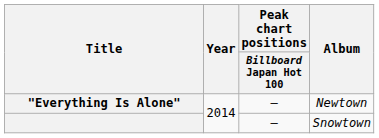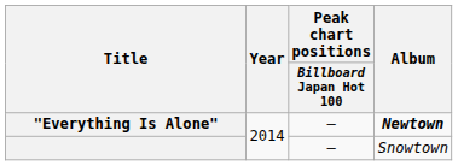 <table class="wikitable plainrowheaders" style="text-align:center;">
 <tr>
 <th scope="col" rowspan="2" style="width:16em;">Title</th>
 <th scope="col" rowspan="2">Year</th>
 <th scope="col" colspan="1">Peak chart positions</th>
 <th scope="col" rowspan="2">Album</th>
 </tr>
 <tr>
 <th style="width:3em;font-size:85%"><em>Billboard</em> Japan Hot 100<br></th>
 </tr>
 <tr>
 <th scope="row">"Everything Is Alone"</th>
 <td rowspan="2">2014</td>
 <td>—</td>
-<td rowspan=1><em>Newtown</em></td>
+<td rowspan=1><strong><em>Newtown</em></strong></td>
 </tr>
 <tr>
 <th scope="row"></th>
 <td>—</td>
 <td rowspan=1><em>Snowtown</em></td>
 </tr>
 </table>
